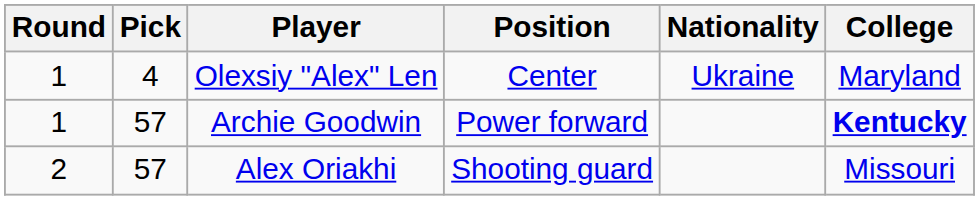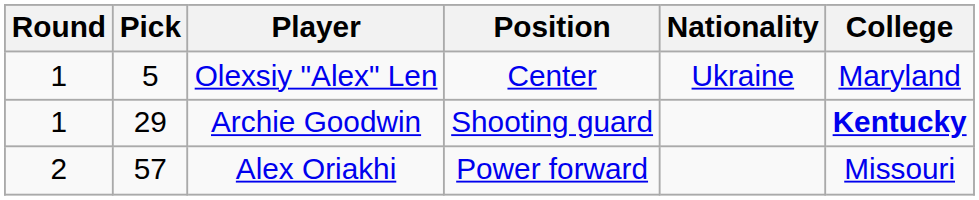 <table class="wikitable sortable sortable">
 <tr>
 <th>Round</th>
 <th>Pick</th>
 <th>Player</th>
 <th>Position</th>
 <th>Nationality</th>
 <th>College</th>
 </tr>
 <tr style="text-align: center">
 <td>1</td>
-<td>4</td>
+<td>5</td>
 <td><a href='#'>Olexsiy "Alex" Len</a></td>
 <td><a href='#'>Center</a></td>
 <td> <a href='#'>Ukraine</a></td>
 <td><a href='#'>Maryland</a></td>
 </tr>
 <tr style="text-align: center">
 <td>1</td>
-<td>57</td>
+<td>29</td>
 <td><a href='#'>Archie Goodwin</a></td>
-<td><a href='#'>Power forward</a></td>
+<td><a href='#'>Shooting guard</a></td>
 <td></td>
 <td><strong><a href='#'>Kentucky</a></strong></td>
 </tr>
 <tr style="text-align: center">
 <td>2</td>
 <td>57</td>
 <td><a href='#'>Alex Oriakhi</a></td>
-<td><a href='#'>Shooting guard</a></td>
+<td><a href='#'>Power forward</a></td>
 <td></td>
 <td><a href='#'>Missouri</a></td>
 </tr>
 </table>
